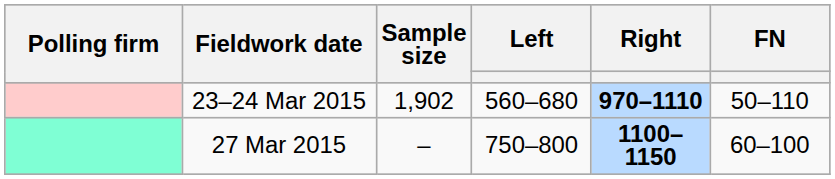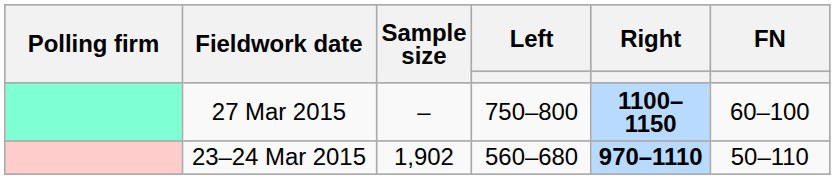 <table class="wikitable sortable" style="text-align:center;font-size:90%;line-height:14px;">
 <tr style="height:40px;">
 <th style="width:100px;" rowspan="2">Polling firm</th>
 <th style="width:110px;" rowspan="2">Fieldwork date</th>
 <th style="width:35px;" rowspan="2">Sample<br>size</th>
 <th class="unsortable" style="width:65px;">Left</th>
 <th class="unsortable" style="width:65px;">Right</th>
 <th class="unsortable" style="width:65px;">FN</th>
 </tr>
 <tr>
 <th style="background:"></th>
 <th style="background:"></th>
 <th style="background:"></th>
 </tr>
 <tr>
+<td style="background:aquamarine;"></td>
+<td data-sort-value="2015-03-27">27 Mar 2015</td>
+<td>–</td>
+<td>750–800</td>
+<td style="background:#B9DAFF;"><strong>1100–1150</strong></td>
+<td>60–100</td>
+</tr>
+<tr>
 <td style="background:#FFCCCC;"></td>
 <td data-sort-value="2015-03-24">23–24 Mar 2015</td>
 <td>1,902</td>
 <td>560–680</td>
 <td style="background:#B9DAFF;"><strong>970–1110</strong></td>
 <td>50–110</td>
 </tr>
-<tr>
-<td style="background:aquamarine;"></td>
-<td data-sort-value="2015-03-27">27 Mar 2015</td>
-<td>–</td>
-<td>750–800</td>
-<td style="background:#B9DAFF;"><strong>1100–1150</strong></td>
-<td>60–100</td>
-</tr>
 </table>
